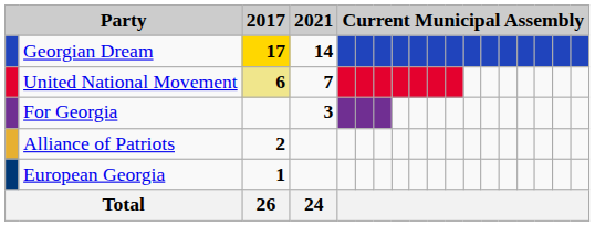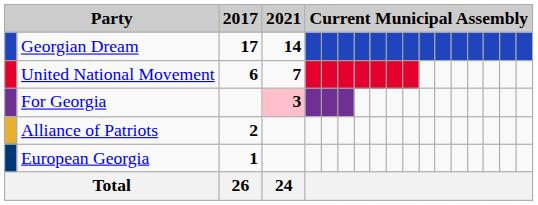 <table class="wikitable">
 <tr>
 <th style="background:#ccc" colspan="2">Party</th>
 <th style="background:#ccc">2017</th>
 <th style="background:#ccc">2021</th>
 <th style="background:#ccc" colspan="45">Current Municipal Assembly</th>
 </tr>
 <tr>
 <td style="background-color: #2044bc"> </td>
 <td><a href='#'>Georgian Dream</a></td>
-<td style="background: gold; text-align: right"><strong>17</strong></td>
+<td style="text-align: right"><strong>17</strong></td>
 <td style="text-align: right"><strong>14</strong></td>
 <td style="background-color: #2044bc"></td>
 <td style="background-color: #2044bc"> </td>
 <td style="background-color: #2044bc"> </td>
 <td style="background-color: #2044bc"> </td>
 <td style="background-color: #2044bc"> </td>
 <td style="background-color: #2044bc"> </td>
 <td style="background-color: #2044bc"> </td>
 <td style="background-color: #2044bc"> </td>
 <td style="background-color: #2044bc"> </td>
 <td style="background-color: #2044bc"> </td>
 <td style="background-color: #2044bc"> </td>
 <td style="background-color: #2044bc"> </td>
 <td style="background-color: #2044bc"> </td>
 <td style="background-color: #2044bc"> </td>
 </tr>
 <tr>
 <td style="background-color: #e4012e"> </td>
 <td><a href='#'>United National Movement</a></td>
-<td style="background: khaki; text-align: right"><strong>6</strong></td>
+<td style="text-align: right"><strong>6</strong></td>
 <td style="text-align: right"><strong>7</strong></td>
 <td style="background-color: #e4012e"> </td>
 <td style="background-color: #e4012e"> </td>
 <td style="background-color: #e4012e"> </td>
 <td style="background-color: #e4012e"> </td>
 <td style="background-color: #e4012e"> </td>
 <td style="background-color: #e4012e"> </td>
 <td style="background-color: #e4012e"> </td>
 <td></td>
 <td></td>
 <td></td>
 <td></td>
 <td></td>
 <td></td>
 <td></td>
 </tr>
 <tr>
 <td style="background-color: #702F92"> </td>
 <td><a href='#'>For Georgia</a></td>
 <td></td>
-<td style="text-align: right"><strong>3</strong></td>
+<td style="background: pink; text-align: right"><strong>3</strong></td>
 <td style="background-color: #702f92"> </td>
 <td style="background-color: #702f92"> </td>
 <td style="background-color: #702f92"> </td>
 <td></td>
 <td></td>
 <td></td>
 <td></td>
 <td></td>
 <td></td>
 <td></td>
 <td></td>
 <td></td>
 <td></td>
 <td></td>
 </tr>
 <tr>
 <td style="background-color: #e7b031"> </td>
 <td><a href='#'>Alliance of Patriots</a></td>
 <td style="text-align: right"><strong>2</strong></td>
 <td></td>
 <td></td>
 <td></td>
 <td></td>
 <td></td>
 <td></td>
 <td></td>
 <td></td>
 <td></td>
 <td></td>
 <td></td>
 <td></td>
 <td></td>
 <td></td>
 <td></td>
 </tr>
 <tr>
 <td style="background-color: #003876"> </td>
 <td><a href='#'>European Georgia</a></td>
 <td style="text-align: right"><strong>1</strong></td>
 <td></td>
 <td></td>
 <td></td>
 <td></td>
 <td></td>
 <td></td>
 <td></td>
 <td></td>
 <td></td>
 <td></td>
 <td></td>
 <td></td>
 <td></td>
 <td></td>
 <td></td>
 </tr>
 <tr>
 <th colspan=2>Total</th>
 <th align=right>26</th>
 <th align=right>24</th>
 <th colspan=45> </th>
 </tr>
 </table>
